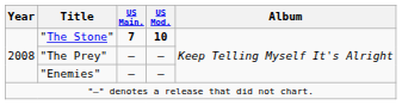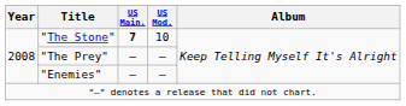 <table class="wikitable">
 <tr>
 <th>Year</th>
 <th>Title</th>
 <th style="width:3em;font-size:75%"><a href='#'>US<br>Main.</a><br></th>
 <th style="width:3em;font-size:75%"><a href='#'>US<br>Mod.</a><br></th>
 <th>Album</th>
 </tr>
 <tr>
 <td rowspan="3">2008</td>
 <td>"<a href='#'>The Stone</a>"</td>
 <td style="text-align:center;"><strong>7</strong></td>
-<td style="text-align:center;"><strong>10</strong></td>
+<td style="text-align:center;">10</td>
 <td rowspan="3"><em>Keep Telling Myself It's Alright</em></td>
 </tr>
 <tr>
 <td>"The Prey"</td>
 <td style="text-align:center;">—</td>
 <td style="text-align:center;">—</td>
 </tr>
 <tr>
 <td>"Enemies"</td>
 <td style="text-align:center;">—</td>
 <td style="text-align:center;">—</td>
 </tr>
 <tr>
 <td colspan="5" style="text-align:center; font-size:8pt;">"—" denotes a release that did not chart.</td>
 </tr>
 </table>
